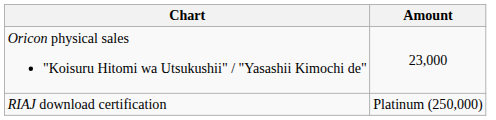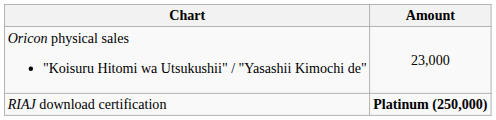 <table class="wikitable">
 <tr>
 <th>Chart</th>
 <th>Amount</th>
 </tr>
 <tr>
 <td><em>Oricon</em> physical sales<br><ul><li>"Koisuru Hitomi wa Utsukushii" / "Yasashii Kimochi de"</li></ul></td>
 <td align="center">23,000</td>
 </tr>
 <tr>
 <td><em>RIAJ</em> download certification</td>
-<td align="center">Platinum (250,000)</td>
+<td align="center"><strong>Platinum (250,000)</strong></td>
 </tr>
 </table>
